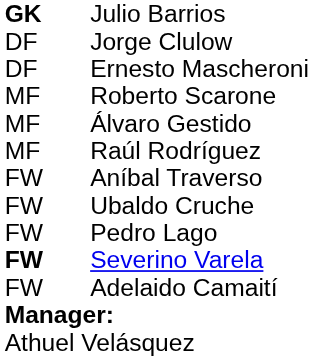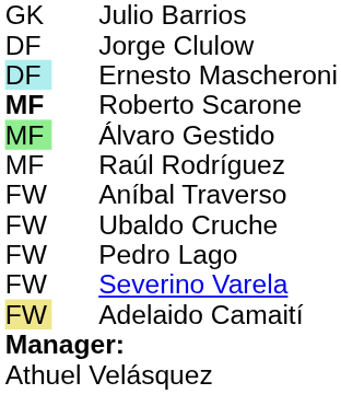 <table style="font-size:90%; margin:0.2em auto;" cellspacing="0" cellpadding="0">
 <tr>
 <th width="25"></th>
 <th width="25"></th>
 </tr>
 <tr>
-<td><strong>GK</strong></td>
+<td>GK</td>
 <td></td>
 <td> Julio Barrios</td>
 </tr>
 <tr>
 <td>DF</td>
 <td></td>
 <td> Jorge Clulow</td>
 </tr>
 <tr>
-<td>DF</td>
+<td style="background: paleturquoise;">DF</td>
 <td></td>
 <td> Ernesto Mascheroni</td>
 </tr>
 <tr>
-<td>MF</td>
+<td><strong>MF</strong></td>
 <td></td>
 <td> Roberto Scarone</td>
 </tr>
 <tr>
-<td>MF</td>
+<td style="background: lightgreen;">MF</td>
 <td></td>
 <td> Álvaro Gestido</td>
 </tr>
 <tr>
 <td>MF</td>
 <td></td>
 <td> Raúl Rodríguez</td>
 </tr>
 <tr>
 <td>FW</td>
 <td></td>
 <td> Aníbal Traverso</td>
 </tr>
 <tr>
 <td>FW</td>
 <td></td>
 <td> Ubaldo Cruche</td>
 </tr>
 <tr>
 <td>FW</td>
 <td></td>
 <td> Pedro Lago</td>
 </tr>
 <tr>
-<td><strong>FW</strong></td>
+<td>FW</td>
 <td></td>
 <td> <a href='#'>Severino Varela</a></td>
 </tr>
 <tr>
-<td>FW</td>
+<td style="background: khaki;">FW</td>
 <td></td>
 <td> Adelaido Camaití</td>
 </tr>
 <tr>
 <td colspan=3><strong>Manager:</strong></td>
 </tr>
 <tr>
 <td colspan=4> Athuel Velásquez</td>
 </tr>
 </table>
